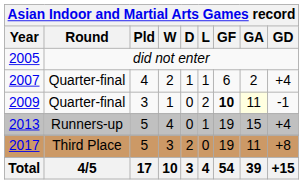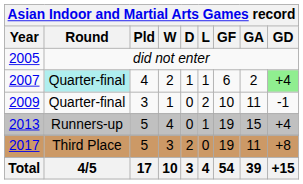 <table class="wikitable sortable" style="text-align: center;font-size:100%;">
 <tr>
 <th colspan=9><a href='#'>Asian Indoor and Martial Arts Games</a> record</th>
 </tr>
 <tr>
 <th>Year</th>
 <th>Round</th>
 <th>Pld</th>
 <th>W</th>
 <th>D</th>
 <th>L</th>
 <th>GF</th>
 <th>GA</th>
 <th>GD</th>
 </tr>
 <tr>
 <td> <a href='#'>2005</a></td>
 <td colspan=10><em>did not enter</em></td>
 </tr>
 <tr>
 <td> <a href='#'>2007</a></td>
-<td>Quarter-final</td>
+<td style="background: paleturquoise;">Quarter-final</td>
 <td>4</td>
 <td>2</td>
 <td>1</td>
 <td>1</td>
 <td>6</td>
 <td>2</td>
-<td>+4</td>
+<td style="background: lightgreen;">+4</td>
 </tr>
 <tr>
 <td> <a href='#'>2009</a></td>
 <td>Quarter-final</td>
 <td>3</td>
 <td>1</td>
 <td>0</td>
 <td>2</td>
-<td><strong>10</strong></td>
-<td style="background: lightyellow;">11</td>
+<td>10</td>
+<td>11</td>
 <td>-1</td>
 </tr>
 <tr bgcolor=silver>
 <td> <a href='#'>2013</a></td>
 <td>Runners-up</td>
 <td>5</td>
 <td>4</td>
 <td>0</td>
 <td>1</td>
 <td>19</td>
 <td>15</td>
 <td>+4</td>
 </tr>
 <tr>
 </tr>
 <tr bgcolor="#cc9966">
 <td> <a href='#'>2017</a></td>
 <td>Third Place</td>
 <td>5</td>
 <td>3</td>
 <td>2</td>
 <td>0</td>
 <td>19</td>
 <td>11</td>
 <td>+8</td>
 </tr>
 <tr>
 <th><strong>Total</strong></th>
 <th>4/5</th>
 <th>17</th>
 <th>10</th>
 <th>3</th>
 <th>4</th>
 <th>54</th>
 <th>39</th>
 <th>+15</th>
 </tr>
 </table>
